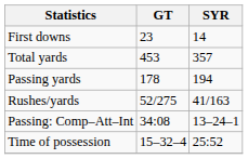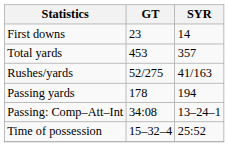 <table class="wikitable" style="float: left;">
 <tr>
 <th>Statistics</th>
 <th>GT</th>
 <th>SYR</th>
 </tr>
 <tr>
 <td>First downs</td>
 <td>23</td>
 <td>14</td>
 </tr>
 <tr>
 <td>Total yards</td>
 <td>453</td>
 <td>357</td>
 </tr>
 <tr>
+<td>Rushes/yards</td>
+<td>52/275</td>
+<td>41/163</td>
+</tr>
+<tr>
 <td>Passing yards</td>
 <td>178</td>
 <td>194</td>
-</tr>
-<tr>
-<td>Rushes/yards</td>
-<td>52/275</td>
-<td>41/163</td>
 </tr>
 <tr>
 <td>Passing: Comp–Att–Int</td>
 <td>34:08</td>
 <td>13–24–1</td>
 </tr>
 <tr>
 <td>Time of possession</td>
 <td>15–32–4</td>
 <td>25:52</td>
 </tr>
 <tr>
 </tr>
 </table>
